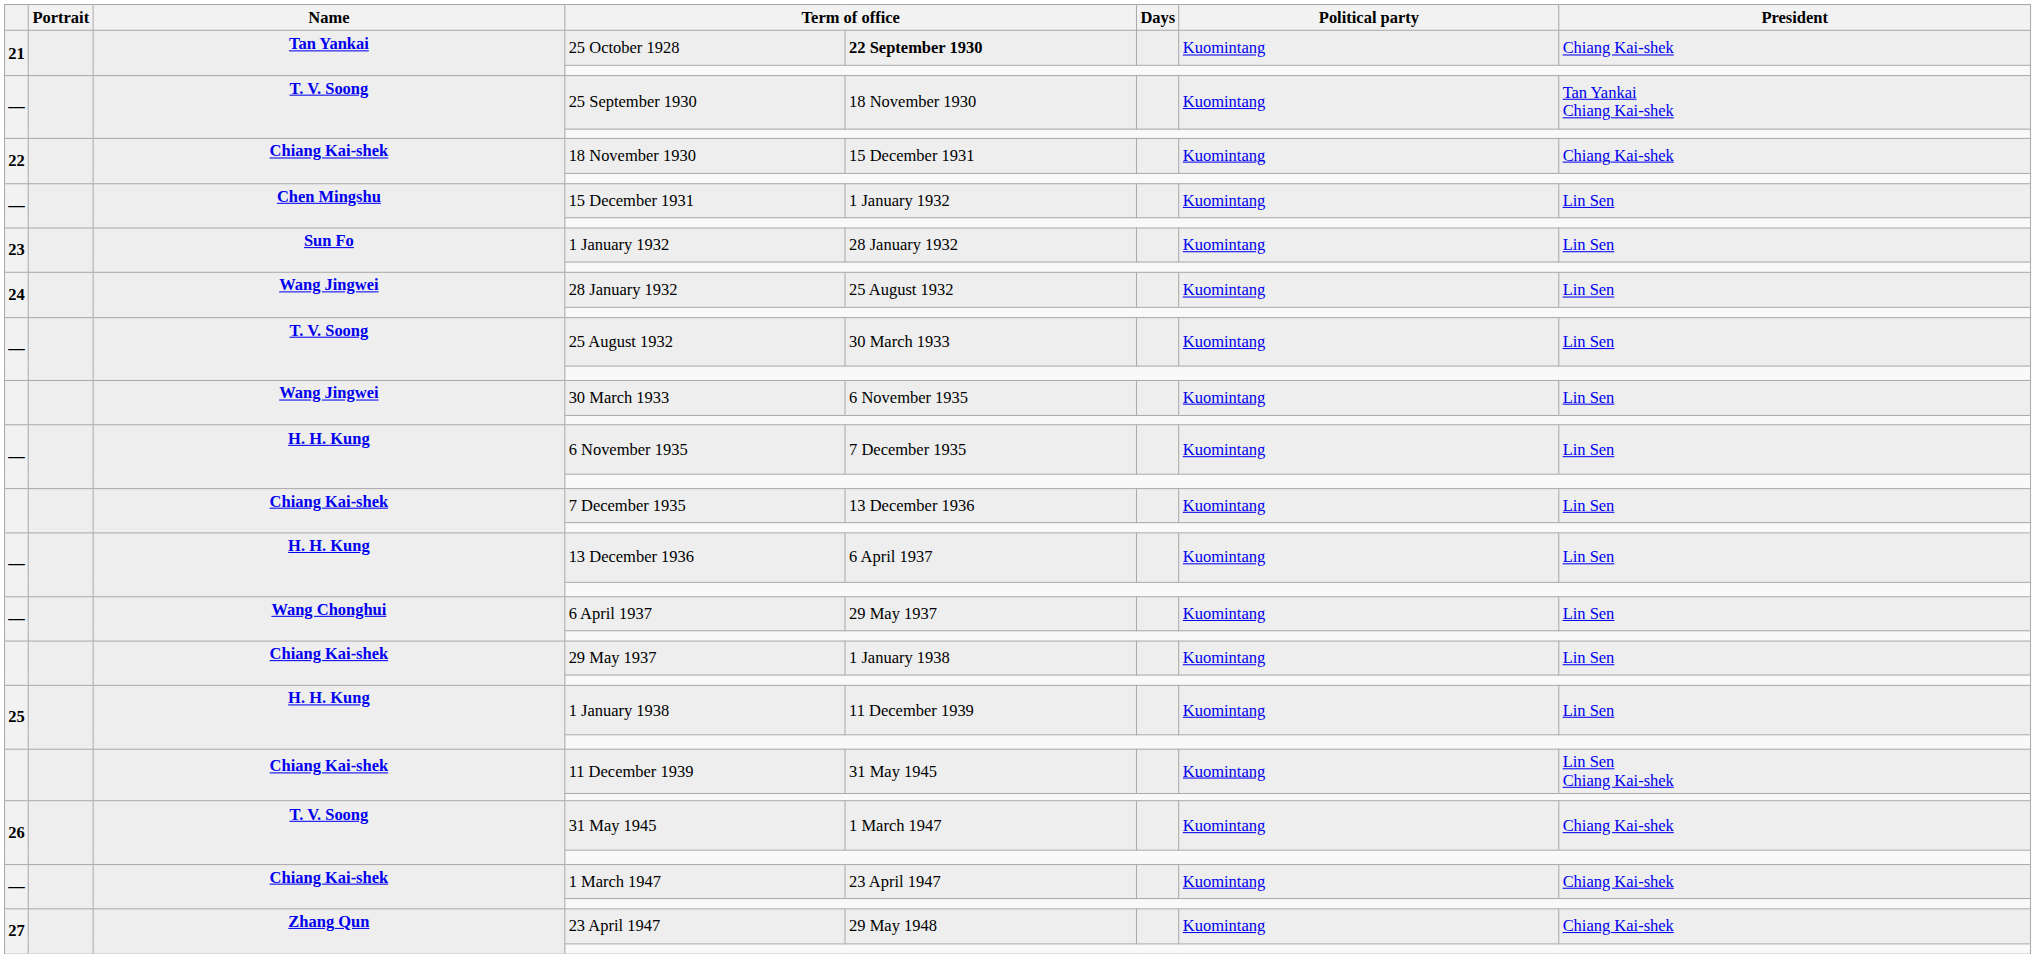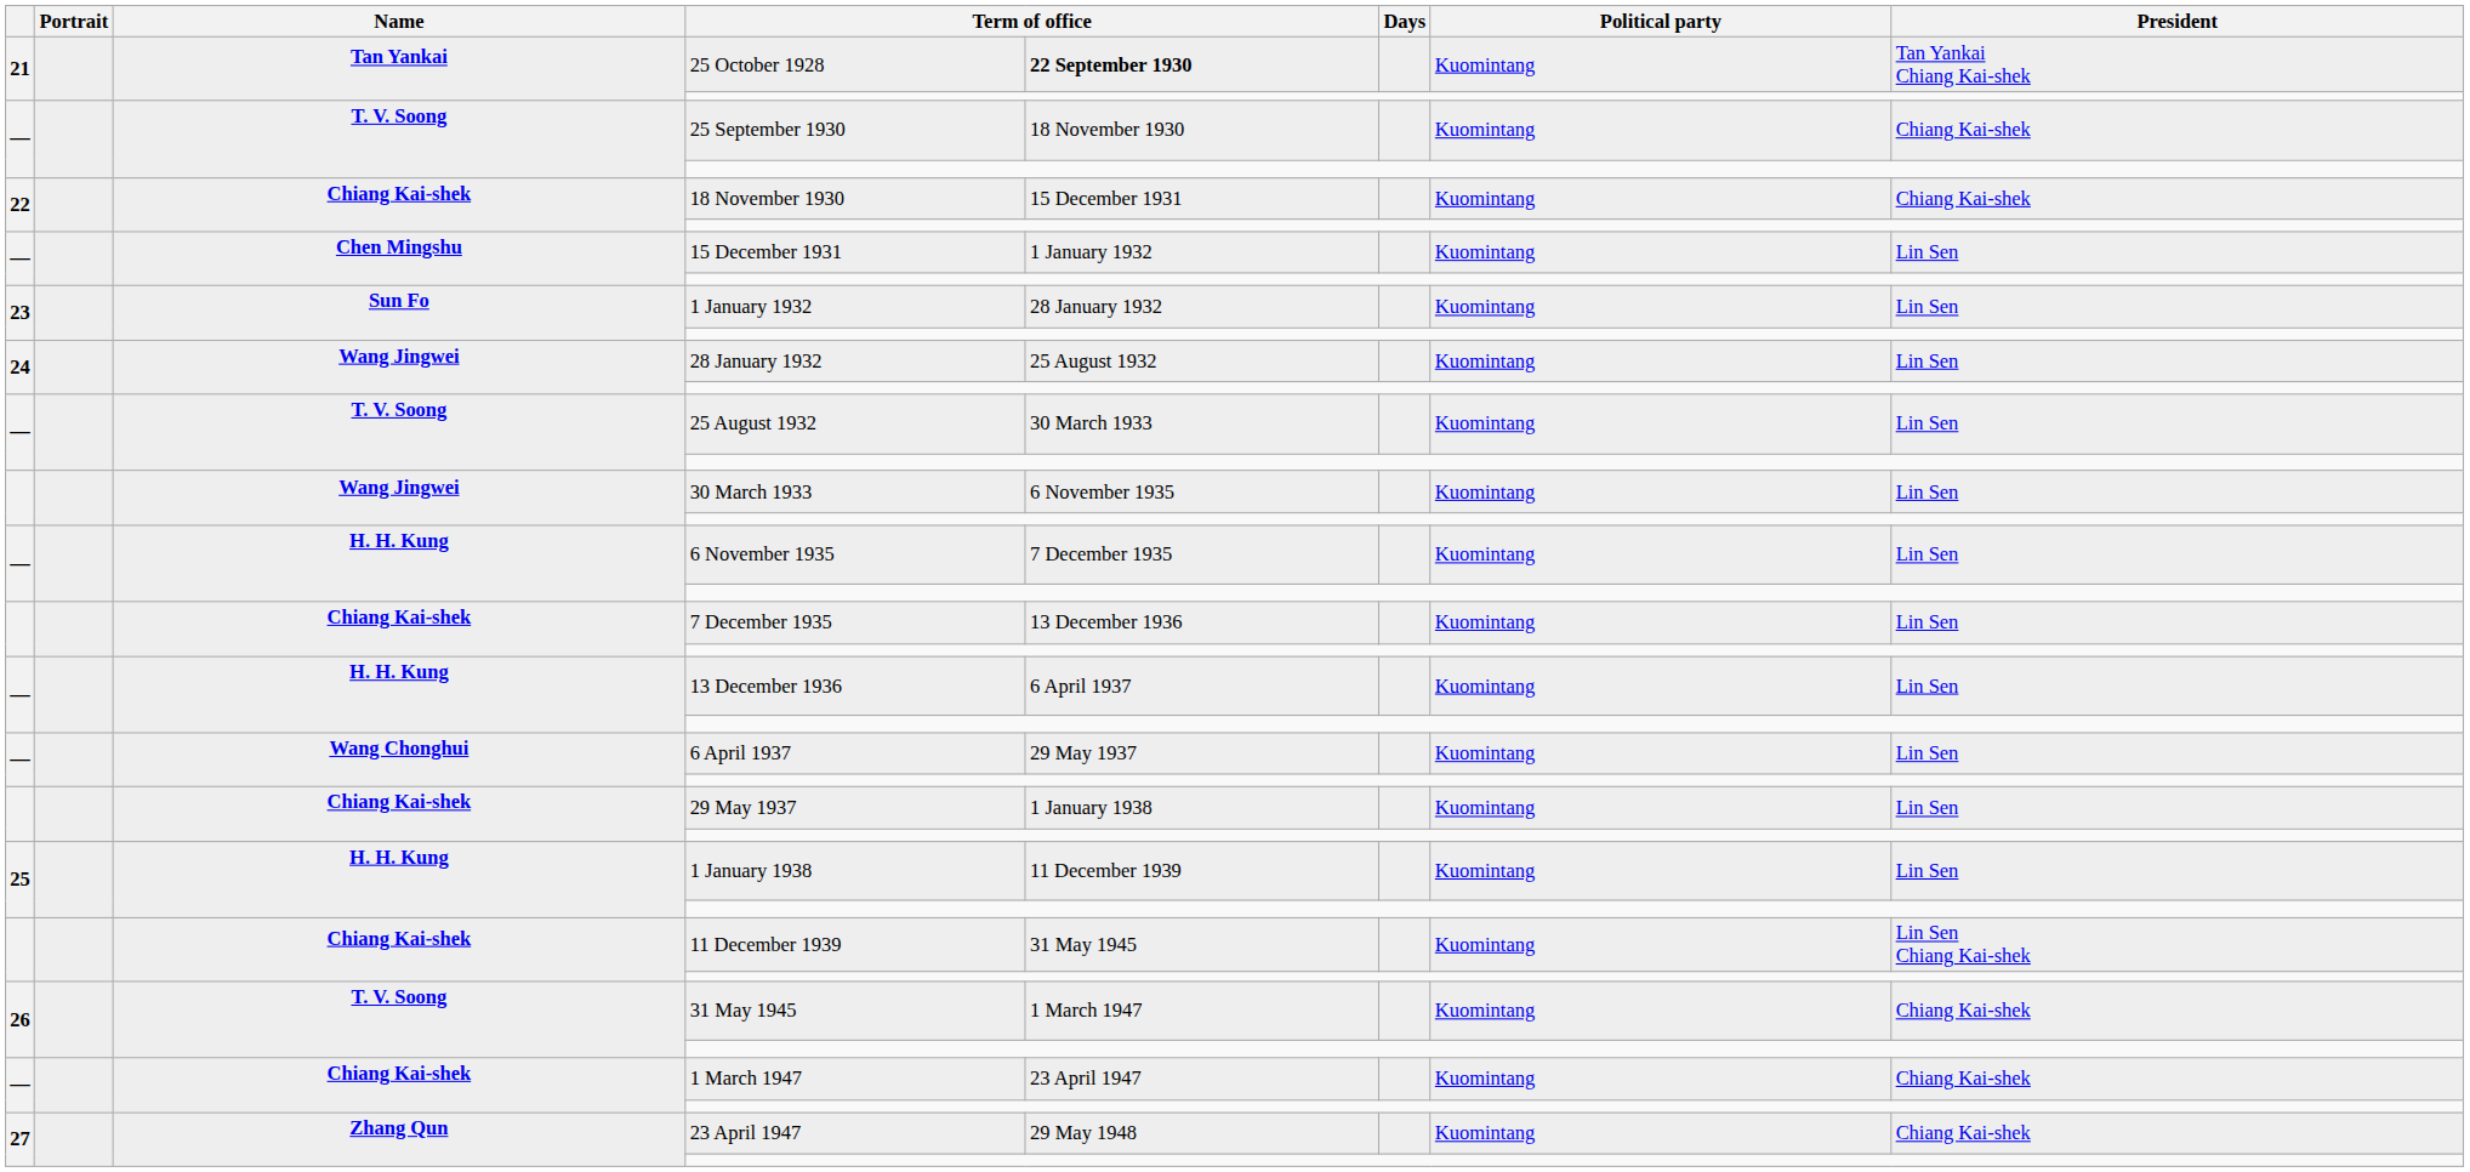 <table class="wikitable">
 <tr>
 <th></th>
 <th>Portrait</th>
 <th width=25%>Name<br></th>
 <th colspan=2 width=30%>Term of office</th>
 <th>Days</th>
 <th width=20%>Political party</th>
 <th width=35%>President</th>
 </tr>
 <tr bgcolor=#EEEEEE>
 <th rowspan=2 style="background:">21</th>
 <td rowspan=2 align=center></td>
 <td rowspan=2 align=center><strong><a href='#'>Tan Yankai</a></strong><br><br></td>
 <td>25 October 1928</td>
 <td><strong>22 September 1930</strong></td>
 <td></td>
 <td><a href='#'>Kuomintang</a></td>
-<td><a href='#'>Chiang Kai-shek</a></td>
+<td><a href='#'>Tan Yankai</a> <br><a href='#'>Chiang Kai-shek</a></td>
 </tr>
 <tr>
 <td colspan=5></td>
 </tr>
 <tr bgcolor=#EEEEEE>
 <th rowspan=2 style="background:">—</th>
 <td rowspan=2 align=center></td>
 <td rowspan=2 align=center><strong><a href='#'>T. V. Soong<br></a></strong><br><br></td>
 <td>25 September 1930</td>
 <td>18 November 1930</td>
 <td></td>
 <td><a href='#'>Kuomintang</a></td>
-<td><a href='#'>Tan Yankai</a> <br><a href='#'>Chiang Kai-shek</a></td>
+<td><a href='#'>Chiang Kai-shek</a></td>
 </tr>
 <tr>
 <td colspan=5></td>
 </tr>
 <tr bgcolor=#EEEEEE>
 <th rowspan=2 style="background:">22</th>
 <td rowspan=2 align=center></td>
 <td rowspan=2 align=center><strong><a href='#'>Chiang Kai-shek</a></strong><br><br></td>
 <td>18 November 1930</td>
 <td>15 December 1931</td>
 <td></td>
 <td><a href='#'>Kuomintang</a></td>
 <td><a href='#'>Chiang Kai-shek</a> </td>
 </tr>
 <tr>
 <td colspan=5></td>
 </tr>
 <tr bgcolor=#EEEEEE>
 <th rowspan=2 style="background:">—</th>
 <td rowspan=2 align=center></td>
 <td rowspan=2 align=center><strong><a href='#'>Chen Mingshu</a></strong><br><br></td>
 <td>15 December 1931</td>
 <td>1 January 1932</td>
 <td></td>
 <td><a href='#'>Kuomintang</a></td>
 <td><a href='#'>Lin Sen</a></td>
 </tr>
 <tr>
 <td colspan=5></td>
 </tr>
 <tr bgcolor=#EEEEEE>
 <th rowspan=2 style="background:">23</th>
 <td rowspan=2 align=center></td>
 <td rowspan=2 align=center><strong><a href='#'>Sun Fo</a></strong><br><br></td>
 <td>1 January 1932</td>
 <td>28 January 1932</td>
 <td></td>
 <td><a href='#'>Kuomintang</a></td>
 <td><a href='#'>Lin Sen</a></td>
 </tr>
 <tr>
 <td colspan=5></td>
 </tr>
 <tr bgcolor=#EEEEEE>
 <th rowspan=2 style="background:">24</th>
 <td rowspan=2 align=center></td>
 <td rowspan=2 align=center><strong><a href='#'>Wang Jingwei</a></strong><br><br></td>
 <td>28 January 1932</td>
 <td>25 August 1932</td>
 <td></td>
 <td><a href='#'>Kuomintang</a></td>
 <td><a href='#'>Lin Sen</a></td>
 </tr>
 <tr>
 <td colspan=5></td>
 </tr>
 <tr bgcolor=#EEEEEE>
 <th rowspan=2 style="background:">—</th>
 <td rowspan=2 align=center></td>
 <td rowspan=2 align=center><strong><a href='#'>T. V. Soong<br></a></strong><br><br></td>
 <td>25 August 1932</td>
 <td>30 March 1933</td>
 <td></td>
 <td><a href='#'>Kuomintang</a></td>
 <td><a href='#'>Lin Sen</a></td>
 </tr>
 <tr>
 <td colspan=5></td>
 </tr>
 <tr bgcolor=#EEEEEE>
 <th rowspan=2 style="background:"></th>
 <td rowspan=2 align=center></td>
 <td rowspan=2 align=center><strong><a href='#'>Wang Jingwei</a></strong><br><br></td>
 <td>30 March 1933</td>
 <td>6 November 1935</td>
 <td></td>
 <td><a href='#'>Kuomintang</a></td>
 <td><a href='#'>Lin Sen</a></td>
 </tr>
 <tr>
 <td colspan=5></td>
 </tr>
 <tr bgcolor=#EEEEEE>
 <th rowspan=2 style="background:">—</th>
 <td rowspan=2 align=center></td>
 <td rowspan=2 align=center><strong><a href='#'>H. H. Kung<br></a></strong><br><br></td>
 <td>6 November 1935</td>
 <td>7 December 1935</td>
 <td></td>
 <td><a href='#'>Kuomintang</a></td>
 <td><a href='#'>Lin Sen</a></td>
 </tr>
 <tr>
 <td colspan=5></td>
 </tr>
 <tr bgcolor=#EEEEEE>
 <th rowspan=2 style="background:"></th>
 <td rowspan=2 align=center></td>
 <td rowspan=2 align=center><strong><a href='#'>Chiang Kai-shek</a></strong><br><br></td>
 <td>7 December 1935</td>
 <td>13 December 1936</td>
 <td></td>
 <td><a href='#'>Kuomintang</a></td>
 <td><a href='#'>Lin Sen</a></td>
 </tr>
 <tr>
 <td colspan=5></td>
 </tr>
 <tr bgcolor=#EEEEEE>
 <th rowspan=2 style="background:">—</th>
 <td rowspan=2 align=center></td>
 <td rowspan=2 align=center><strong><a href='#'>H. H. Kung<br></a></strong><br><br></td>
 <td>13 December 1936</td>
 <td>6 April 1937</td>
 <td></td>
 <td><a href='#'>Kuomintang</a></td>
 <td><a href='#'>Lin Sen</a></td>
 </tr>
 <tr>
 <td colspan=5></td>
 </tr>
 <tr bgcolor=#EEEEEE>
 <th rowspan=2 style="background:">—</th>
 <td rowspan=2 align=center></td>
 <td rowspan=2 align=center><strong><a href='#'>Wang Chonghui</a></strong><br><br></td>
 <td>6 April 1937</td>
 <td>29 May 1937</td>
 <td></td>
 <td><a href='#'>Kuomintang</a></td>
 <td><a href='#'>Lin Sen</a></td>
 </tr>
 <tr>
 <td colspan=5></td>
 </tr>
 <tr bgcolor=#EEEEEE>
 <th rowspan=2 style="background:"></th>
 <td rowspan=2 align=center></td>
 <td rowspan=2 align=center><strong><a href='#'>Chiang Kai-shek</a></strong><br><br></td>
 <td>29 May 1937</td>
 <td>1 January 1938</td>
 <td></td>
 <td><a href='#'>Kuomintang</a></td>
 <td><a href='#'>Lin Sen</a></td>
 </tr>
 <tr>
 <td colspan=5></td>
 </tr>
 <tr bgcolor=#EEEEEE>
 <th rowspan=2 style="background:">25</th>
 <td rowspan=2 align=center></td>
 <td rowspan=2 align=center><strong><a href='#'>H. H. Kung<br></a></strong><br><br></td>
 <td>1 January 1938</td>
 <td>11 December 1939</td>
 <td></td>
 <td><a href='#'>Kuomintang</a></td>
 <td><a href='#'>Lin Sen</a></td>
 </tr>
 <tr>
 <td colspan=5></td>
 </tr>
 <tr bgcolor=#EEEEEE>
 <th rowspan=2 style="background:"></th>
 <td rowspan=2 align=center></td>
 <td rowspan=2 align=center><strong><a href='#'>Chiang Kai-shek</a></strong><br><br></td>
 <td>11 December 1939</td>
 <td>31 May 1945</td>
 <td></td>
 <td><a href='#'>Kuomintang</a></td>
 <td><a href='#'>Lin Sen</a><br><a href='#'>Chiang Kai-shek</a> </td>
 </tr>
 <tr>
 <td colspan=5></td>
 </tr>
 <tr bgcolor=#EEEEEE>
 <th rowspan=2 style="background:">26</th>
 <td rowspan=2 align=center></td>
 <td rowspan=2 align=center><strong><a href='#'>T. V. Soong<br></a></strong><br><br></td>
 <td>31 May 1945</td>
 <td>1 March 1947</td>
 <td></td>
 <td><a href='#'>Kuomintang</a></td>
 <td><a href='#'>Chiang Kai-shek</a></td>
 </tr>
 <tr>
 <td colspan=5></td>
 </tr>
 <tr bgcolor=#EEEEEE>
 <th rowspan=2 style="background:">—</th>
 <td rowspan=2 align=center></td>
 <td rowspan=2 align=center><strong><a href='#'>Chiang Kai-shek</a></strong><br><br></td>
 <td>1 March 1947</td>
 <td>23 April 1947</td>
 <td></td>
 <td><a href='#'>Kuomintang</a></td>
 <td><a href='#'>Chiang Kai-shek</a></td>
 </tr>
 <tr>
 <td colspan=5></td>
 </tr>
 <tr bgcolor=#EEEEEE>
 <th rowspan=2 style="background:">27</th>
 <td rowspan=2 align=center></td>
 <td rowspan=2 align=center><strong><a href='#'>Zhang Qun</a></strong><br><br></td>
 <td>23 April 1947</td>
 <td>29 May 1948</td>
 <td></td>
 <td><a href='#'>Kuomintang</a></td>
 <td><a href='#'>Chiang Kai-shek</a></td>
 </tr>
 <tr>
 <td colspan=5></td>
 </tr>
 </table>
